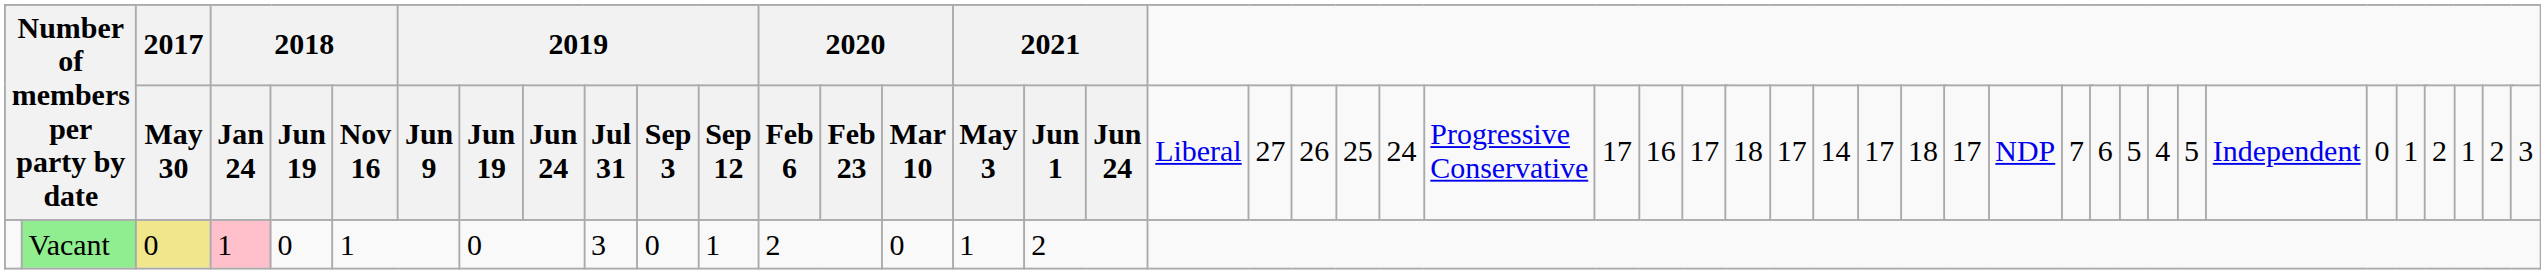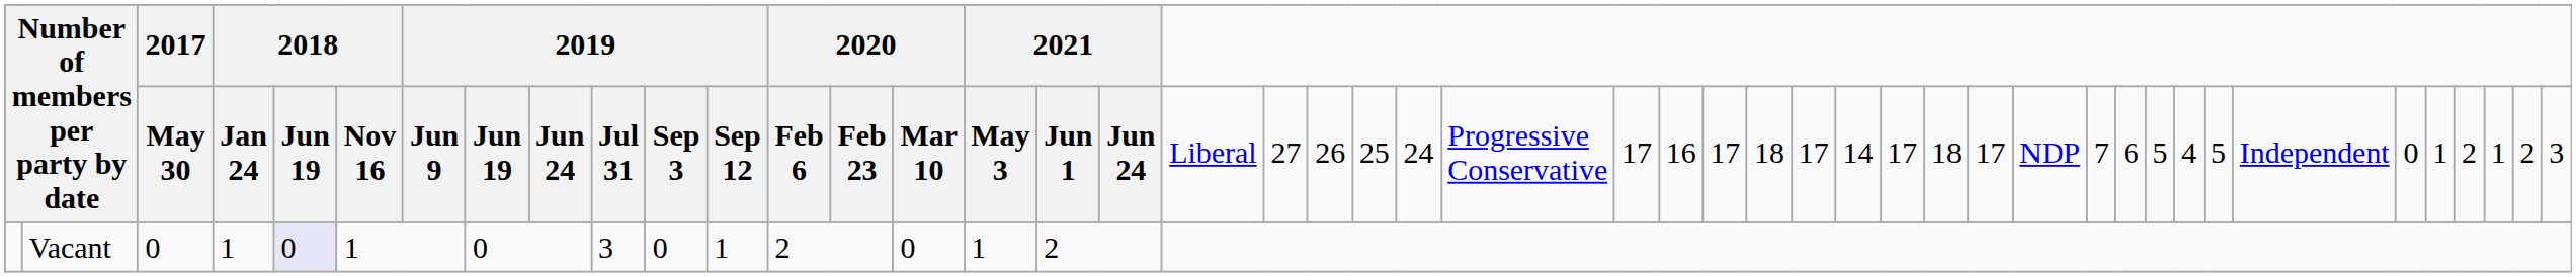 <table class="wikitable">
 <tr>
 <th colspan="2" rowspan="2">Number of members<br>per party by date</th>
 <th>2017</th>
 <th colspan="3">2018</th>
 <th colspan="6">2019</th>
 <th colspan="3">2020</th>
 <th colspan="3">2021</th>
 </tr>
 <tr>
 <th>May 30</th>
 <th>Jan 24</th>
 <th>Jun 19</th>
 <th>Nov 16</th>
 <th>Jun 9</th>
 <th>Jun 19</th>
 <th>Jun 24</th>
 <th>Jul 31</th>
 <th>Sep 3</th>
 <th>Sep 12</th>
 <th>Feb 6</th>
 <th>Feb 23</th>
 <th>Mar 10</th>
 <th>May 3</th>
 <th>Jun 1</th>
 <th>Jun 24<br></th>
 <td><a href='#'>Liberal</a></td>
 <td colspan=11>27</td>
 <td colspan=2>26</td>
 <td>25</td>
 <td colspan=2>24<br></td>
 <td><a href='#'>Progressive Conservative</a></td>
 <td>17</td>
 <td>16</td>
 <td colspan=3>17</td>
 <td>18</td>
 <td>17</td>
 <td>14</td>
 <td colspan=4>17</td>
 <td colspan=3>18</td>
 <td>17<br></td>
 <td><a href='#'>NDP</a></td>
 <td colspan=3>7</td>
 <td>6</td>
 <td colspan=6>5</td>
 <td colspan=2>4</td>
 <td colspan=4>5<br></td>
 <td><a href='#'>Independent</a></td>
 <td colspan="4">0</td>
 <td colspan="2">1</td>
 <td colspan="3">2</td>
 <td colspan="2">1</td>
 <td colspan="4">2</td>
 <td>3</td>
 </tr>
 <tr>
 <td></td>
-<td style="background: lightgreen;">Vacant</td>
-<td style="background: khaki;">0</td>
-<td style="background: pink;">1</td>
+<td>Vacant</td>
 <td>0</td>
+<td>1</td>
+<td style="background: lavender;">0</td>
 <td colspan="2">1</td>
 <td colspan="2">0</td>
 <td>3</td>
 <td>0</td>
 <td>1</td>
 <td colspan=2>2</td>
 <td>0</td>
 <td>1</td>
 <td colspan=2>2</td>
 </tr>
 </table>
